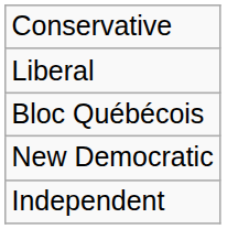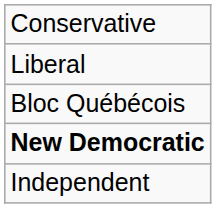 <table class="wikitable">
 <tr>
 <td>Conservative</td>
 </tr>
 <tr>
 <td>Liberal</td>
 </tr>
 <tr>
 <td>Bloc Québécois</td>
 </tr>
 <tr>
-<td>New Democratic<br></td>
+<td><strong>New Democratic<br></strong></td>
 </tr>
 <tr>
 <td>Independent</td>
 </tr>
 </table>
